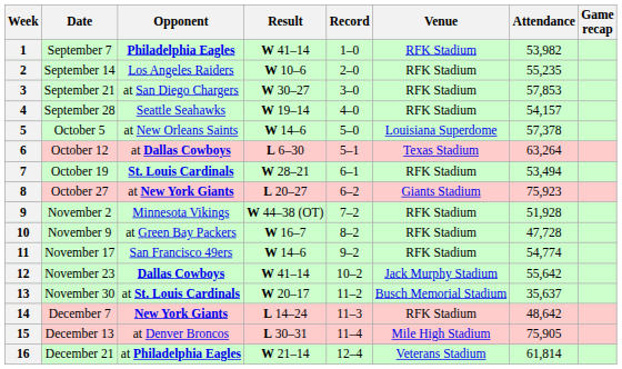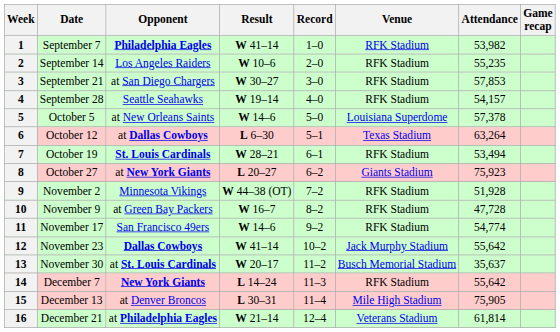 <table class="wikitable" style="text-align:center">
 <tr>
 <th>Week</th>
 <th>Date</th>
 <th>Opponent</th>
 <th>Result</th>
 <th>Record</th>
 <th>Venue</th>
 <th>Attendance</th>
 <th>Game<br>recap</th>
 </tr>
 <tr style="background:#cfc">
 <th>1</th>
 <td>September 7</td>
 <td><strong><a href='#'>Philadelphia Eagles</a></strong></td>
 <td><strong>W</strong> 41–14</td>
 <td>1–0</td>
 <td><a href='#'>RFK Stadium</a></td>
 <td>53,982</td>
 <td></td>
 </tr>
 <tr style="background:#cfc">
 <th>2</th>
 <td>September 14</td>
 <td><a href='#'>Los Angeles Raiders</a></td>
 <td><strong>W</strong> 10–6</td>
 <td>2–0</td>
 <td>RFK Stadium</td>
 <td>55,235</td>
 <td></td>
 </tr>
 <tr style="background:#cfc">
 <th>3</th>
 <td>September 21</td>
 <td>at <a href='#'>San Diego Chargers</a></td>
 <td><strong>W</strong> 30–27</td>
 <td>3–0</td>
 <td>RFK Stadium</td>
 <td>57,853</td>
 <td></td>
 </tr>
 <tr style="background:#cfc">
 <th>4</th>
 <td>September 28</td>
 <td><a href='#'>Seattle Seahawks</a></td>
 <td><strong>W</strong> 19–14</td>
 <td>4–0</td>
 <td>RFK Stadium</td>
 <td>54,157</td>
 <td></td>
 </tr>
 <tr style="background:#cfc">
 <th>5</th>
 <td>October 5</td>
 <td>at <a href='#'>New Orleans Saints</a></td>
 <td><strong>W</strong> 14–6</td>
 <td>5–0</td>
 <td><a href='#'>Louisiana Superdome</a></td>
 <td>57,378</td>
 <td></td>
 </tr>
 <tr style="background:#fcc">
 <th>6</th>
 <td>October 12</td>
 <td>at <strong><a href='#'>Dallas Cowboys</a></strong></td>
 <td><strong>L</strong> 6–30</td>
 <td>5–1</td>
 <td><a href='#'>Texas Stadium</a></td>
 <td>63,264</td>
 <td></td>
 </tr>
 <tr style="background:#cfc">
 <th>7</th>
 <td>October 19</td>
 <td><strong><a href='#'>St. Louis Cardinals</a></strong></td>
 <td><strong>W</strong> 28–21</td>
 <td>6–1</td>
 <td>RFK Stadium</td>
 <td>53,494</td>
 <td></td>
 </tr>
 <tr style="background:#fcc">
 <th>8</th>
 <td>October 27</td>
 <td>at <strong><a href='#'>New York Giants</a></strong></td>
 <td><strong>L</strong> 20–27</td>
 <td>6–2</td>
 <td><a href='#'>Giants Stadium</a></td>
 <td>75,923</td>
 <td></td>
 </tr>
 <tr style="background:#cfc">
 <th>9</th>
 <td>November 2</td>
 <td><a href='#'>Minnesota Vikings</a></td>
 <td><strong>W</strong> 44–38 (OT)</td>
 <td>7–2</td>
 <td>RFK Stadium</td>
 <td>51,928</td>
 <td></td>
 </tr>
 <tr style="background:#cfc">
 <th>10</th>
 <td>November 9</td>
 <td>at <a href='#'>Green Bay Packers</a></td>
 <td><strong>W</strong> 16–7</td>
 <td>8–2</td>
 <td>RFK Stadium</td>
 <td>47,728</td>
 <td></td>
 </tr>
 <tr style="background:#cfc">
 <th>11</th>
 <td>November 17</td>
 <td><a href='#'>San Francisco 49ers</a></td>
 <td><strong>W</strong> 14–6</td>
 <td>9–2</td>
 <td>RFK Stadium</td>
 <td>54,774</td>
 <td></td>
 </tr>
 <tr style="background:#cfc">
 <th>12</th>
 <td>November 23</td>
 <td><strong><a href='#'>Dallas Cowboys</a></strong></td>
 <td><strong>W</strong> 41–14</td>
 <td>10–2</td>
 <td><a href='#'>Jack Murphy Stadium</a></td>
 <td>55,642</td>
 <td></td>
 </tr>
 <tr style="background:#cfc">
 <th>13</th>
 <td>November 30</td>
 <td>at <strong><a href='#'>St. Louis Cardinals</a></strong></td>
 <td><strong>W</strong> 20–17</td>
 <td>11–2</td>
 <td><a href='#'>Busch Memorial Stadium</a></td>
 <td>35,637</td>
 <td></td>
 </tr>
 <tr style="background:#fcc">
 <th>14</th>
 <td>December 7</td>
 <td><strong><a href='#'>New York Giants</a></strong></td>
 <td><strong>L</strong> 14–24</td>
 <td>11–3</td>
 <td>RFK Stadium</td>
-<td>48,642</td>
+<td>55,642</td>
 <td></td>
 </tr>
 <tr style="background:#fcc">
 <th>15</th>
 <td>December 13</td>
 <td>at <a href='#'>Denver Broncos</a></td>
 <td><strong>L</strong> 30–31</td>
 <td>11–4</td>
 <td><a href='#'>Mile High Stadium</a></td>
 <td>75,905</td>
 <td></td>
 </tr>
 <tr style="background:#cfc">
 <th>16</th>
 <td>December 21</td>
 <td>at <strong><a href='#'>Philadelphia Eagles</a></strong></td>
 <td><strong>W</strong> 21–14</td>
 <td>12–4</td>
 <td><a href='#'>Veterans Stadium</a></td>
 <td>61,814</td>
 <td></td>
 </tr>
 </table>
